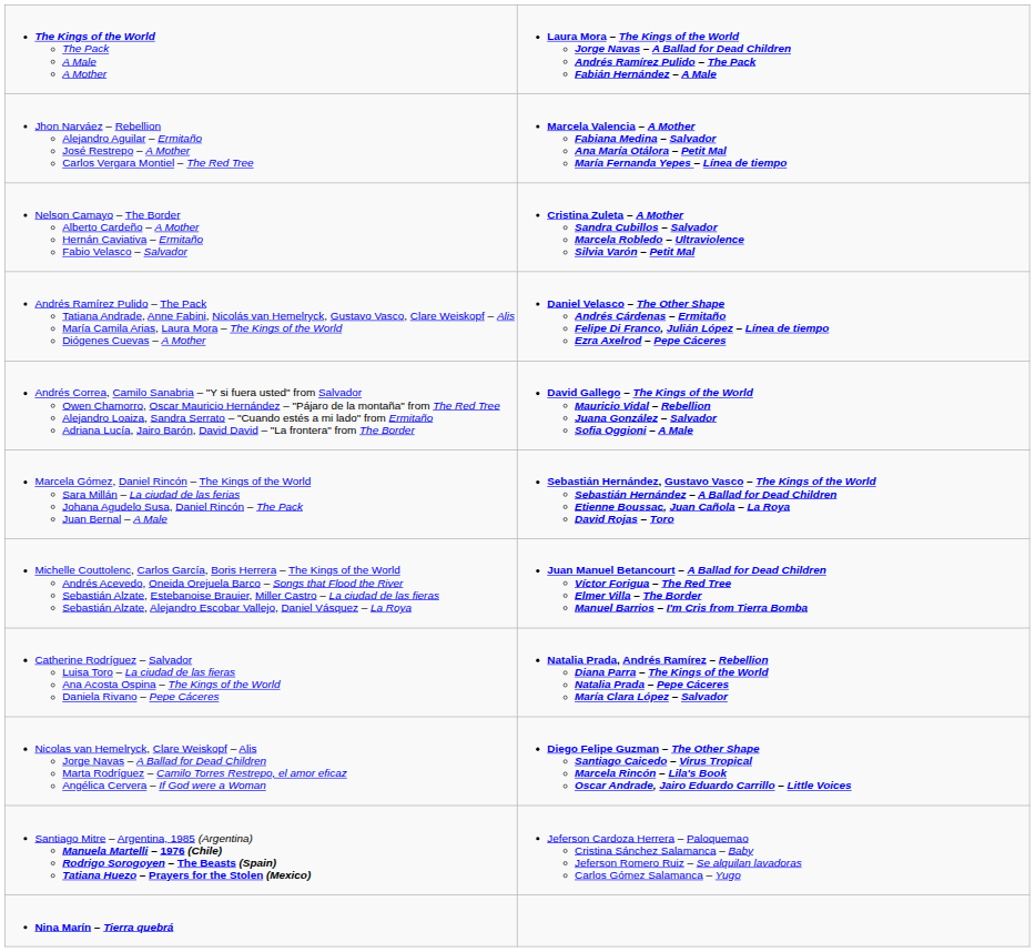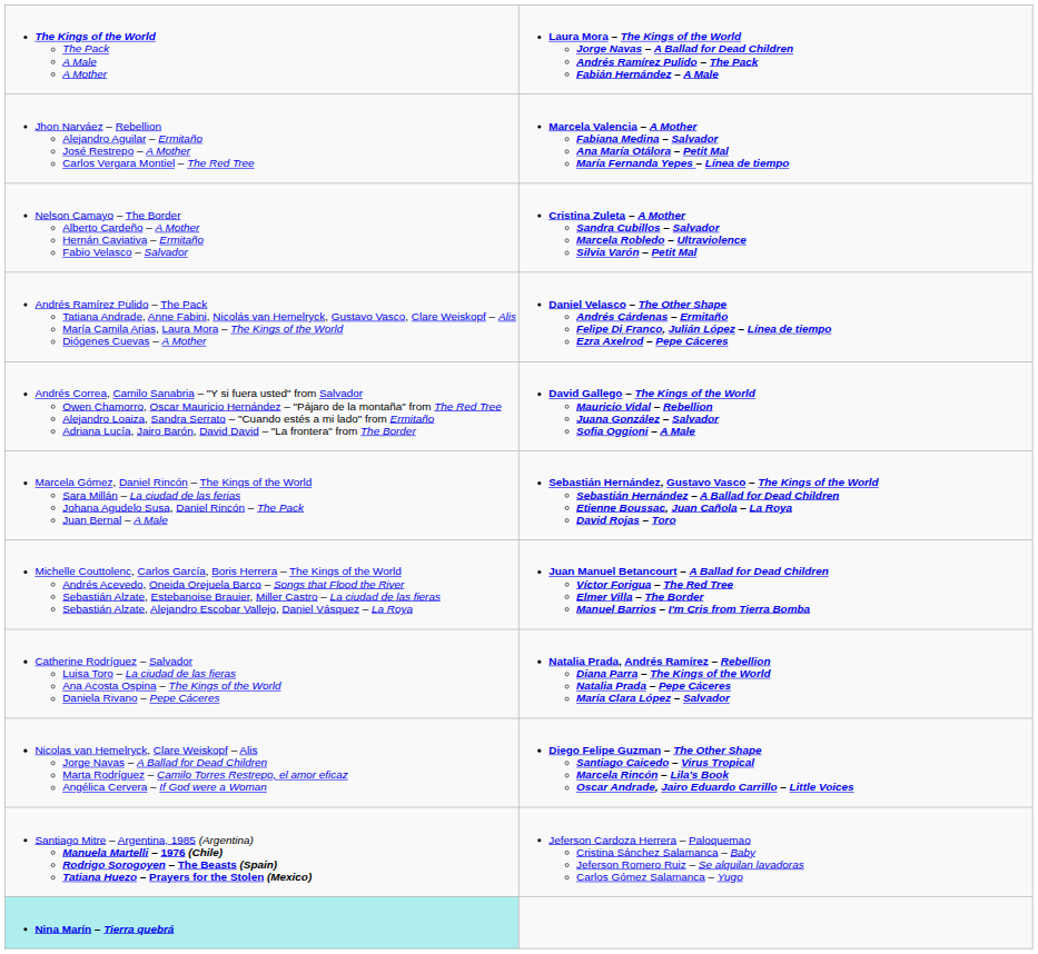 <table class=wikitable>
 <tr>
 <td valign="top" width="50%"><br><ul><li><strong><em><a href='#'>The Kings of the World</a></em></strong><ul><li><em><a href='#'>The Pack</a></em></li><li><em><a href='#'>A Male</a></em></li><li><em><a href='#'>A Mother</a></em></li></ul></li></ul></td>
 <td valign="top" width="50%"><br><ul><li><strong><a href='#'>Laura Mora</a> – <em><a href='#'>The Kings of the World</a><strong><em><ul><li><a href='#'>Jorge Navas</a> – </em><a href='#'>A Ballad for Dead Children</a><em></li><li><a href='#'>Andrés Ramírez Pulido</a> – </em><a href='#'>The Pack</a><em></li><li><a href='#'>Fabián Hernández</a> – </em><a href='#'>A Male</a><em></li></ul></li></ul></td>
 </tr>
 <tr>
 <td valign="top" width="50%"><br><ul><li></strong><a href='#'>Jhon Narváez</a> – </em><a href='#'>Rebellion</a></em></strong><ul><li><a href='#'>Alejandro Aguilar</a> – <em><a href='#'>Ermitaño</a></em></li><li><a href='#'>José Restrepo</a> – <em><a href='#'>A Mother</a></em></li><li><a href='#'>Carlos Vergara Montiel</a> – <em><a href='#'>The Red Tree</a></em></li></ul></li></ul></td>
 <td valign="top" width="50%"><br><ul><li><strong><a href='#'>Marcela Valencia</a> – <em><a href='#'>A Mother</a><strong><em><ul><li><a href='#'>Fabiana Medina</a> – </em><a href='#'>Salvador</a><em></li><li><a href='#'>Ana María Otálora</a> – </em><a href='#'>Petit Mal</a><em></li><li><a href='#'>María Fernanda Yepes </a> – </em><a href='#'>Línea de tiempo</a><em></li></ul></li></ul></td>
 </tr>
 <tr>
 <td valign="top" width="50%"><br><ul><li></strong><a href='#'>Nelson Camayo</a> – </em><a href='#'>The Border</a></em></strong><ul><li><a href='#'>Alberto Cardeño</a> – <em><a href='#'>A Mother</a></em></li><li><a href='#'>Hernán Caviativa</a> – <em><a href='#'>Ermitaño</a></em></li><li><a href='#'>Fabio Velasco</a> – <a href='#'><em>Salvador</em></a></li></ul></li></ul></td>
 <td valign="top" width="50%"><br><ul><li><strong><a href='#'>Cristina Zuleta</a> – <em><a href='#'>A Mother</a><strong><em><ul><li><a href='#'>Sandra Cubillos</a> – </em><a href='#'>Salvador</a><em></li><li><a href='#'>Marcela Robledo</a> – </em><a href='#'>Ultraviolence</a><em></li><li><a href='#'>Silvia Varón</a> – </em><a href='#'>Petit Mal</a><em></li></ul></li></ul></td>
 </tr>
 <tr>
 <td valign="top" width="50%"><br><ul><li></strong><a href='#'>Andrés Ramírez Pulido</a> – </em><a href='#'>The Pack</a></em></strong><ul><li><a href='#'>Tatiana Andrade</a>, <a href='#'>Anne Fabini</a>, <a href='#'>Nicolás van Hemelryck</a>, <a href='#'>Gustavo Vasco</a>, <a href='#'>Clare Weiskopf</a> – <em><a href='#'>Alis</a></em></li><li><a href='#'>María Camila Arias</a>, <a href='#'>Laura Mora</a> – <em><a href='#'>The Kings of the World</a></em></li><li><a href='#'>Diógenes Cuevas</a> – <em><a href='#'>A Mother</a></em></li></ul></li></ul></td>
 <td valign="top" width="50%"><br><ul><li><strong><a href='#'>Daniel Velasco</a> – <em><a href='#'>The Other Shape</a><strong><em><ul><li><a href='#'>Andrés Cárdenas</a> – </em><a href='#'>Ermitaño</a><em></li><li><a href='#'>Felipe Di Franco</a>, <a href='#'>Julián López</a> – </em><a href='#'>Línea de tiempo</a><em></li><li><a href='#'>Ezra Axelrod</a> – </em><a href='#'>Pepe Cáceres</a><em></li></ul></li></ul></td>
 </tr>
 <tr>
 <td valign="top" width="50%"><br><ul><li></strong><a href='#'>Andrés Correa</a>, <a href='#'>Camilo Sanabria</a> – "Y si fuera usted" from </em><a href='#'>Salvador</a></em></strong><ul><li><a href='#'>Owen Chamorro</a>, <a href='#'>Oscar Mauricio Hernández</a> – "Pájaro de la montaña" from <em><a href='#'>The Red Tree</a></em></li><li><a href='#'>Alejandro Loaiza</a>, <a href='#'>Sandra Serrato</a> – "Cuando estés a mi lado" from <em><a href='#'>Ermitaño</a></em></li><li><a href='#'>Adriana Lucía</a>, <a href='#'>Jairo Barón</a>, <a href='#'>David David</a> – "La frontera" from <em><a href='#'>The Border</a></em></li></ul></li></ul></td>
 <td valign="top" width="50%"><br><ul><li><strong><a href='#'>David Gallego</a> – <em><a href='#'>The Kings of the World</a><strong><em><ul><li><a href='#'>Mauricio Vidal</a> – </em><a href='#'>Rebellion</a><em></li><li><a href='#'>Juana González</a> – </em><a href='#'>Salvador</a><em></li><li><a href='#'>Sofia Oggioni</a> – </em><a href='#'>A Male</a><em></li></ul></li></ul></td>
 </tr>
 <tr>
 <td valign="top" width="50%"><br><ul><li></strong><a href='#'>Marcela Gómez</a>, <a href='#'>Daniel Rincón</a> – </em><a href='#'>The Kings of the World</a></em></strong><ul><li><a href='#'>Sara Millán</a> – <em><a href='#'>La ciudad de las ferias</a></em></li><li><a href='#'>Johana Agudelo Susa</a>, <a href='#'>Daniel Rincón</a> – <em><a href='#'>The Pack</a></em></li><li><a href='#'>Juan Bernal</a> – <em><a href='#'>A Male</a></em></li></ul></li></ul></td>
 <td valign="top" width="50%"><br><ul><li><strong><a href='#'>Sebastián Hernández</a>, <a href='#'>Gustavo Vasco</a> – <em><a href='#'>The Kings of the World</a><strong><em><ul><li><a href='#'>Sebastián Hernández</a> – </em><a href='#'>A Ballad for Dead Children</a><em></li><li><a href='#'>Etienne Boussac</a>, <a href='#'>Juan Cañola</a> – </em><a href='#'>La Roya</a><em></li><li><a href='#'>David Rojas</a> – </em><a href='#'>Toro</a><em></li></ul></li></ul></td>
 </tr>
 <tr>
 <td valign="top" width="50%"><br><ul><li></strong><a href='#'>Michelle Couttolenc</a>, <a href='#'>Carlos García</a>, <a href='#'>Boris Herrera</a> – </em><a href='#'>The Kings of the World</a></em></strong><ul><li><a href='#'>Andrés Acevedo</a>, <a href='#'>Oneida Orejuela Barco</a> – <em><a href='#'>Songs that Flood the River</a></em></li><li><a href='#'>Sebastián Alzate</a>, <a href='#'>Estebanoise Brauier</a>, <a href='#'>Miller Castro</a> – <em><a href='#'>La ciudad de las fieras</a></em></li><li><a href='#'>Sebastián Alzate</a>, <a href='#'>Alejandro Escobar Vallejo</a>, <a href='#'>Daniel Vásquez</a> – <em><a href='#'>La Roya</a></em></li></ul></li></ul></td>
 <td valign="top" width="50%"><br><ul><li><strong><a href='#'>Juan Manuel Betancourt</a> – <em><a href='#'>A Ballad for Dead Children</a><strong><em><ul><li><a href='#'>Víctor Forigua</a> – </em><a href='#'>The Red Tree</a><em></li><li><a href='#'>Elmer Villa</a> – </em><a href='#'>The Border</a><em></li><li><a href='#'>Manuel Barrios</a> – </em><a href='#'>I'm Cris from Tierra Bomba</a><em></li></ul></li></ul></td>
 </tr>
 <tr>
 <td valign="top" width="50%"><br><ul><li></strong><a href='#'>Catherine Rodríguez</a> – </em><a href='#'>Salvador</a></em></strong><ul><li><a href='#'>Luisa Toro</a> – <em><a href='#'>La ciudad de las fieras</a></em></li><li><a href='#'>Ana Acosta Ospina</a> – <em><a href='#'>The Kings of the World</a></em></li><li><a href='#'>Daniela Rivano</a> – <em><a href='#'>Pepe Cáceres</a></em></li></ul></li></ul></td>
 <td valign="top" width="50%"><br><ul><li><strong><a href='#'>Natalia Prada</a>, <a href='#'>Andrés Ramírez</a> – <em><a href='#'>Rebellion</a><strong><em><ul><li><a href='#'>Diana Parra</a> – </em><a href='#'>The Kings of the World</a><em></li><li><a href='#'>Natalia Prada</a> – </em><a href='#'>Pepe Cáceres</a><em></li><li><a href='#'>María Clara López</a> – </em><a href='#'>Salvador</a><em></li></ul></li></ul></td>
 </tr>
 <tr>
 <td valign="top" width="50%"><br><ul><li></strong><a href='#'>Nicolas van Hemelryck</a>, <a href='#'>Clare Weiskopf</a> – </em><a href='#'>Alis</a></em></strong><ul><li><a href='#'>Jorge Navas</a> – <em><a href='#'>A Ballad for Dead Children</a></em></li><li><a href='#'>Marta Rodríguez</a> – <em><a href='#'>Camilo Torres Restrepo, el amor eficaz</a></em></li><li><a href='#'>Angélica Cervera</a> – <em><a href='#'>If God were a Woman</a></em></li></ul></li></ul></td>
 <td valign="top" width="50%"><br><ul><li><strong><a href='#'>Diego Felipe Guzman</a> – <em><a href='#'>The Other Shape</a><strong><em><ul><li><a href='#'>Santiago Caicedo</a> – </em><a href='#'>Virus Tropical</a><em></li><li><a href='#'>Marcela Rincón</a> – </em><a href='#'>Lila's Book</a><em></li><li><a href='#'>Oscar Andrade</a>, <a href='#'>Jairo Eduardo Carrillo</a> – </em><a href='#'>Little Voices</a><em></li></ul></li></ul></td>
 </tr>
 <tr>
 <td valign="top" width="50%"><br><ul><li></strong><a href='#'>Santiago Mitre</a> – </em><a href='#'>Argentina, 1985</a><em> (Argentina)<strong><ul><li><a href='#'>Manuela Martelli</a> – </em><a href='#'>1976</a><em> (Chile)</li><li><a href='#'>Rodrigo Sorogoyen</a> – </em><a href='#'>The Beasts</a><em> (Spain)</li><li><a href='#'>Tatiana Huezo</a> – </em><a href='#'>Prayers for the Stolen</a><em> (Mexico)</li></ul></li></ul></td>
 <td valign="top" width="50%"><br><ul><li></strong><a href='#'>Jeferson Cardoza Herrera</a> – </em><a href='#'>Paloquemao</a></em></strong><ul><li><a href='#'>Cristina Sánchez Salamanca</a> – <em><a href='#'>Baby</a></em></li><li><a href='#'>Jeferson Romero Ruiz</a> – <em><a href='#'>Se alquilan lavadoras</a></em></li><li><a href='#'>Carlos Gómez Salamanca</a> – <em><a href='#'>Yugo</a></em></li></ul></li></ul></td>
 </tr>
 <tr>
-<td valign="top" width="50%"><br><ul><li><strong><a href='#'>Nina Marín</a> – <em><a href='#'>Tierra quebrá</a><strong><em></li></ul></td>
+<td valign="top" width="50%" style="background: paleturquoise;"><br><ul><li><strong><a href='#'>Nina Marín</a> – <em><a href='#'>Tierra quebrá</a><strong><em></li></ul></td>
 </tr>
 </table>
